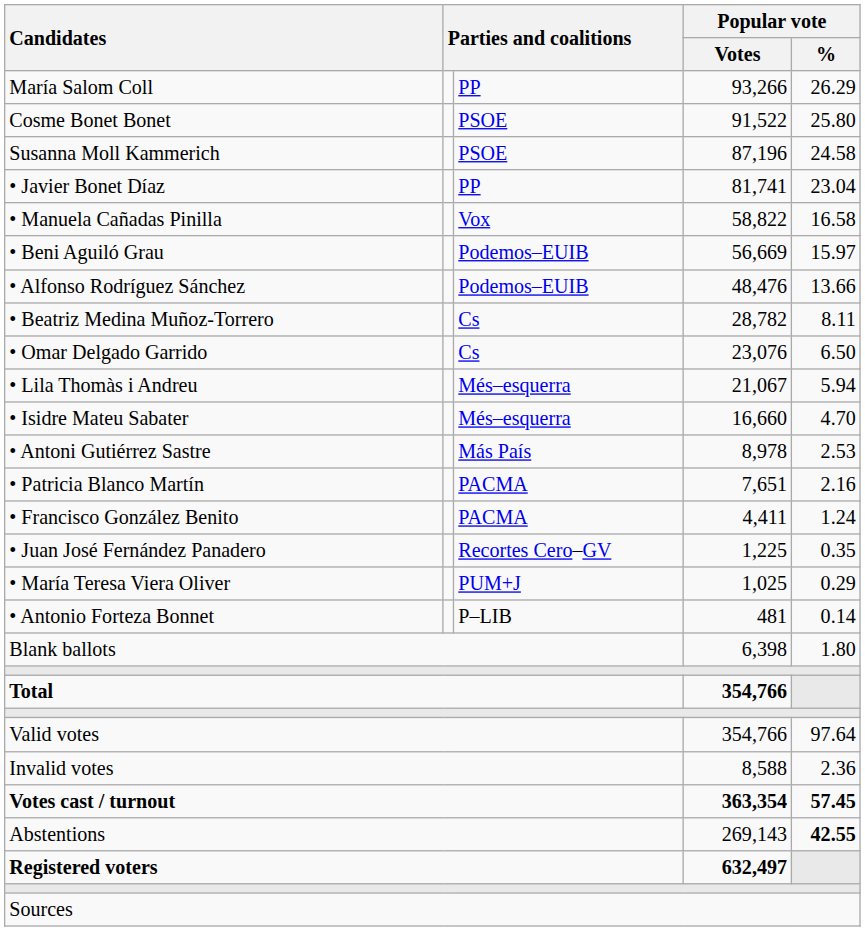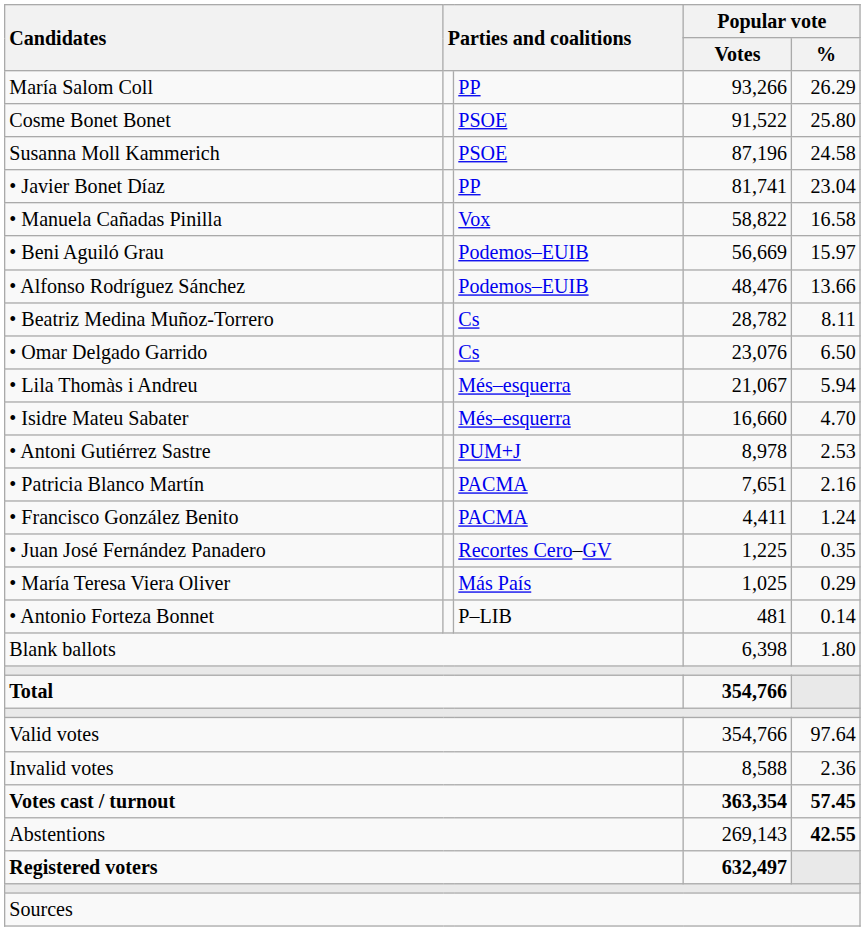 <table class="wikitable" style="text-align:right; font-size:95%;">
 <tr>
 <th style="text-align:left;" rowspan="2" width="325">Candidates</th>
 <th style="text-align:left;" rowspan="2" colspan="2" width="175">Parties and coalitions</th>
 <th colspan="2">Popular vote</th>
 </tr>
 <tr>
 <th width="75">Votes</th>
 <th width="45">%</th>
 </tr>
 <tr>
 <td align="left"> María Salom Coll</td>
 <td width="1" style="color:inherit;background:"></td>
 <td align="left"><a href='#'>PP</a></td>
 <td>93,266</td>
 <td>26.29</td>
 </tr>
 <tr>
 <td align="left"> Cosme Bonet Bonet</td>
 <td style="color:inherit;background:"></td>
 <td align="left"><a href='#'>PSOE</a></td>
 <td>91,522</td>
 <td>25.80</td>
 </tr>
 <tr>
 <td align="left"> Susanna Moll Kammerich</td>
 <td style="color:inherit;background:"></td>
 <td align="left"><a href='#'>PSOE</a></td>
 <td>87,196</td>
 <td>24.58</td>
 </tr>
 <tr>
 <td align="left">• Javier Bonet Díaz</td>
 <td style="color:inherit;background:"></td>
 <td align="left"><a href='#'>PP</a></td>
 <td>81,741</td>
 <td>23.04</td>
 </tr>
 <tr>
 <td align="left">• Manuela Cañadas Pinilla</td>
 <td style="color:inherit;background:"></td>
 <td align="left"><a href='#'>Vox</a></td>
 <td>58,822</td>
 <td>16.58</td>
 </tr>
 <tr>
 <td align="left">• Beni Aguiló Grau</td>
 <td style="color:inherit;background:"></td>
 <td align="left"><a href='#'>Podemos–EUIB</a></td>
 <td>56,669</td>
 <td>15.97</td>
 </tr>
 <tr>
 <td align="left">• Alfonso Rodríguez Sánchez</td>
 <td style="color:inherit;background:"></td>
 <td align="left"><a href='#'>Podemos–EUIB</a></td>
 <td>48,476</td>
 <td>13.66</td>
 </tr>
 <tr>
 <td align="left">• Beatriz Medina Muñoz-Torrero</td>
 <td style="color:inherit;background:"></td>
 <td align="left"><a href='#'>Cs</a></td>
 <td>28,782</td>
 <td>8.11</td>
 </tr>
 <tr>
 <td align="left">• Omar Delgado Garrido</td>
 <td style="color:inherit;background:"></td>
 <td align="left"><a href='#'>Cs</a></td>
 <td>23,076</td>
 <td>6.50</td>
 </tr>
 <tr>
 <td align="left">• Lila Thomàs i Andreu</td>
 <td style="color:inherit;background:"></td>
 <td align="left"><a href='#'>Més–esquerra</a></td>
 <td>21,067</td>
 <td>5.94</td>
 </tr>
 <tr>
 <td align="left">• Isidre Mateu Sabater</td>
 <td style="color:inherit;background:"></td>
 <td align="left"><a href='#'>Més–esquerra</a></td>
 <td>16,660</td>
 <td>4.70</td>
 </tr>
 <tr>
 <td align="left">• Antoni Gutiérrez Sastre</td>
 <td style="color:inherit;background:"></td>
-<td align="left"><a href='#'>Más País</a></td>
+<td align="left"><a href='#'>PUM+J</a></td>
 <td>8,978</td>
 <td>2.53</td>
 </tr>
 <tr>
 <td align="left">• Patricia Blanco Martín</td>
 <td style="color:inherit;background:"></td>
 <td align="left"><a href='#'>PACMA</a></td>
 <td>7,651</td>
 <td>2.16</td>
 </tr>
 <tr>
 <td align="left">• Francisco González Benito</td>
 <td style="color:inherit;background:"></td>
 <td align="left"><a href='#'>PACMA</a></td>
 <td>4,411</td>
 <td>1.24</td>
 </tr>
 <tr>
 <td align="left">• Juan José Fernández Panadero</td>
 <td style="color:inherit;background:"></td>
 <td align="left"><a href='#'>Recortes Cero</a>–<a href='#'>GV</a></td>
 <td>1,225</td>
 <td>0.35</td>
 </tr>
 <tr>
 <td align="left">• María Teresa Viera Oliver</td>
 <td style="color:inherit;background:"></td>
-<td align="left"><a href='#'>PUM+J</a></td>
+<td align="left"><a href='#'>Más País</a></td>
 <td>1,025</td>
 <td>0.29</td>
 </tr>
 <tr>
 <td align="left">• Antonio Forteza Bonnet</td>
 <td style="color:inherit;background:"></td>
 <td align="left">P–LIB</td>
 <td>481</td>
 <td>0.14</td>
 </tr>
 <tr>
 <td align="left" colspan="3">Blank ballots</td>
 <td>6,398</td>
 <td>1.80</td>
 </tr>
 <tr>
 <td colspan="5" bgcolor="#E9E9E9"></td>
 </tr>
 <tr style="font-weight:bold;">
 <td align="left" colspan="3">Total</td>
 <td>354,766</td>
 <td bgcolor="#E9E9E9"></td>
 </tr>
 <tr>
 <td colspan="5" bgcolor="#E9E9E9"></td>
 </tr>
 <tr>
 <td align="left" colspan="3">Valid votes</td>
 <td>354,766</td>
 <td>97.64</td>
 </tr>
 <tr>
 <td align="left" colspan="3">Invalid votes</td>
 <td>8,588</td>
 <td>2.36</td>
 </tr>
 <tr style="font-weight:bold;">
 <td align="left" colspan="3">Votes cast / turnout</td>
 <td>363,354</td>
 <td>57.45</td>
 </tr>
 <tr>
 <td align="left" colspan="3">Abstentions</td>
 <td>269,143</td>
 <td><strong>42.55</strong></td>
 </tr>
 <tr style="font-weight:bold;">
 <td align="left" colspan="3">Registered voters</td>
 <td>632,497</td>
 <td bgcolor="#E9E9E9"></td>
 </tr>
 <tr>
 <td colspan="5" bgcolor="#E9E9E9"></td>
 </tr>
 <tr>
 <td align="left" colspan="5">Sources</td>
 </tr>
 </table>
